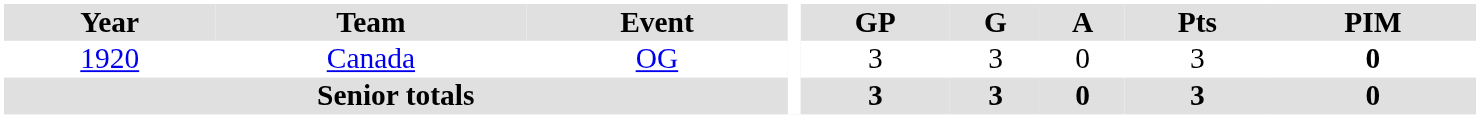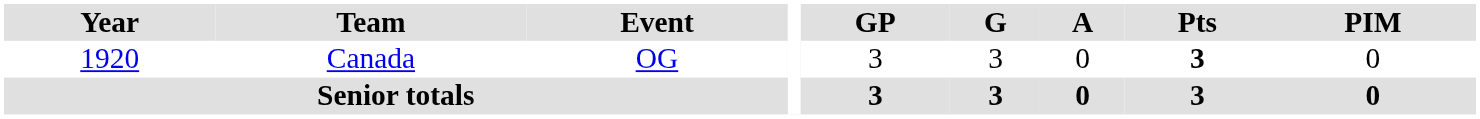 <table border="0" cellpadding="1" cellspacing="0" style="text-align:center; width:50em">
 <tr bgcolor="#e0e0e0">
 <th>Year</th>
 <th>Team</th>
 <th>Event</th>
 <th rowspan="99" bgcolor="#ffffff"></th>
 <th>GP</th>
 <th>G</th>
 <th>A</th>
 <th>Pts</th>
 <th>PIM</th>
 </tr>
 <tr>
 <td><a href='#'>1920</a></td>
 <td><a href='#'>Canada</a></td>
 <td><a href='#'>OG</a></td>
 <td>3</td>
 <td>3</td>
 <td>0</td>
-<td>3</td>
-<td><strong>0</strong></td>
+<td><strong>3</strong></td>
+<td>0</td>
 </tr>
 <tr bgcolor="#e0e0e0">
 <th colspan="3">Senior totals</th>
 <th>3</th>
 <th>3</th>
 <th>0</th>
 <th>3</th>
 <th>0</th>
 </tr>
 </table>
